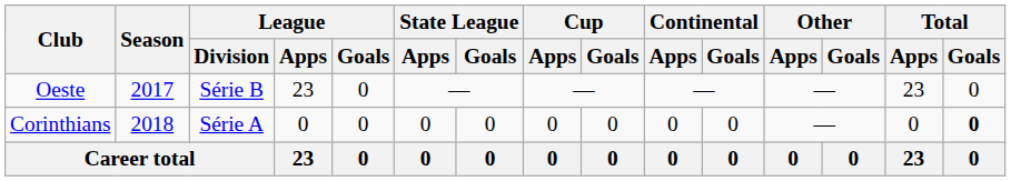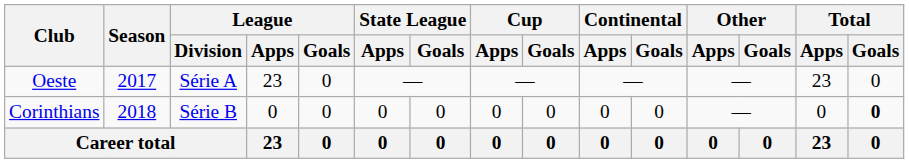 <table class="wikitable" style="text-align: center;">
 <tr>
 <th rowspan="2">Club</th>
 <th rowspan="2">Season</th>
 <th colspan="3">League</th>
 <th colspan="2">State League</th>
 <th colspan="2">Cup</th>
 <th colspan="2">Continental</th>
 <th colspan="2">Other</th>
 <th colspan="2">Total</th>
 </tr>
 <tr>
 <th>Division</th>
 <th>Apps</th>
 <th>Goals</th>
 <th>Apps</th>
 <th>Goals</th>
 <th>Apps</th>
 <th>Goals</th>
 <th>Apps</th>
 <th>Goals</th>
 <th>Apps</th>
 <th>Goals</th>
 <th>Apps</th>
 <th>Goals</th>
 </tr>
 <tr>
 <td><a href='#'>Oeste</a></td>
 <td><a href='#'>2017</a></td>
-<td><a href='#'>Série B</a></td>
+<td><a href='#'>Série A</a></td>
 <td>23</td>
 <td>0</td>
 <td colspan="2">—</td>
 <td colspan="2">—</td>
 <td colspan="2">—</td>
 <td colspan="2">—</td>
 <td>23</td>
 <td>0</td>
 </tr>
 <tr>
 <td><a href='#'>Corinthians</a></td>
 <td><a href='#'>2018</a></td>
-<td><a href='#'>Série A</a></td>
+<td><a href='#'>Série B</a></td>
 <td>0</td>
 <td>0</td>
 <td>0</td>
 <td>0</td>
 <td>0</td>
 <td>0</td>
 <td>0</td>
 <td>0</td>
 <td colspan="2">—</td>
 <td>0</td>
 <td><strong>0</strong></td>
 </tr>
 <tr>
 <th colspan="3"><strong>Career total</strong></th>
 <th>23</th>
 <th>0</th>
 <th>0</th>
 <th>0</th>
 <th>0</th>
 <th>0</th>
 <th>0</th>
 <th>0</th>
 <th>0</th>
 <th>0</th>
 <th>23</th>
 <th>0</th>
 </tr>
 </table>
